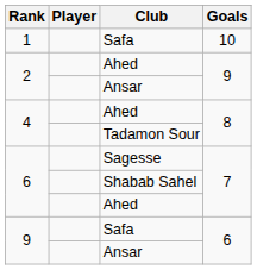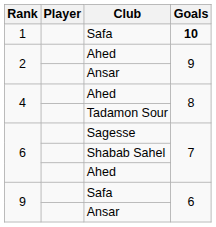 <table class="wikitable" style="text-align:center">
 <tr>
 <th>Rank</th>
 <th>Player</th>
 <th>Club</th>
 <th>Goals</th>
 </tr>
 <tr>
 <td>1</td>
 <td align="left"> </td>
 <td align="left">Safa</td>
-<td>10</td>
+<td><strong>10</strong></td>
 </tr>
 <tr>
 <td rowspan="2">2</td>
 <td align="left"> </td>
 <td align="left">Ahed</td>
 <td rowspan="2">9</td>
 </tr>
 <tr>
 <td align="left"> </td>
 <td align="left">Ansar</td>
 </tr>
 <tr>
 <td rowspan="2">4</td>
 <td align="left"> </td>
 <td align="left">Ahed</td>
 <td rowspan="2">8</td>
 </tr>
 <tr>
 <td align="left"> </td>
 <td align="left">Tadamon Sour</td>
 </tr>
 <tr>
 <td rowspan="3">6</td>
 <td align="left"> </td>
 <td align="left">Sagesse</td>
 <td rowspan="3">7</td>
 </tr>
 <tr>
 <td align="left"> </td>
 <td align="left">Shabab Sahel</td>
 </tr>
 <tr>
 <td align="left"> </td>
 <td align="left">Ahed</td>
 </tr>
 <tr>
 <td rowspan="2">9</td>
 <td align="left"> </td>
 <td align="left">Safa</td>
 <td rowspan="2">6</td>
 </tr>
 <tr>
 <td align="left"> </td>
 <td align="left">Ansar</td>
 </tr>
 </table>
